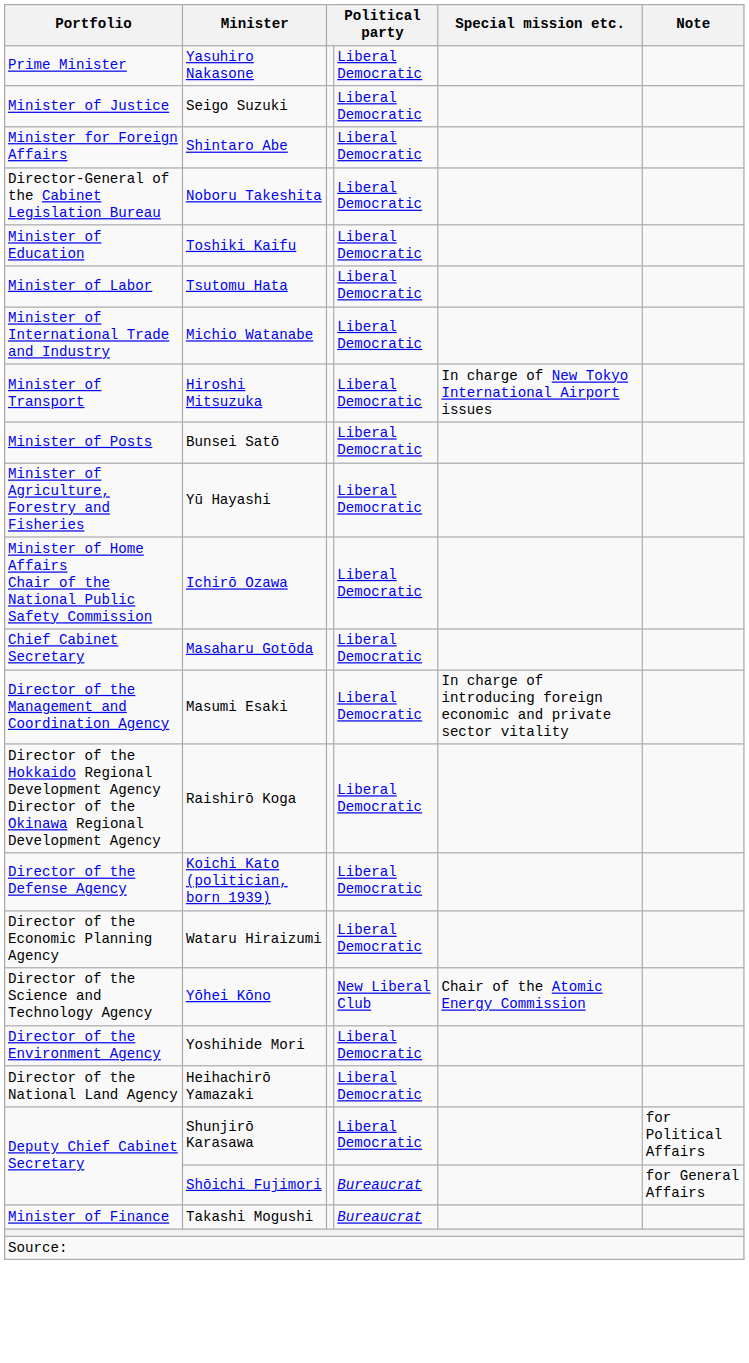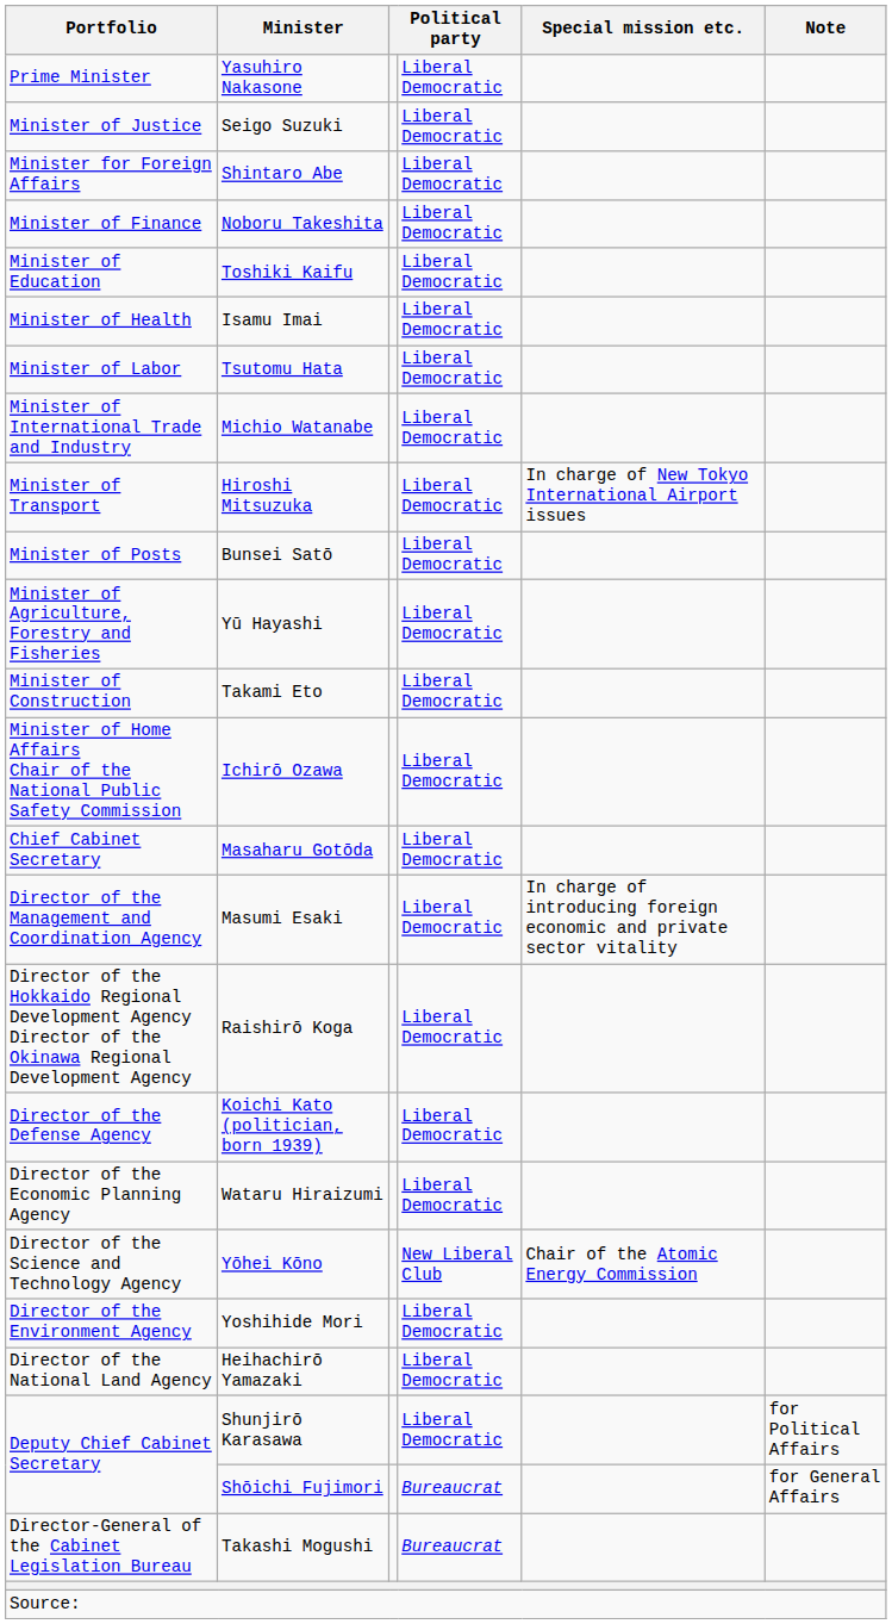 <table class="wikitable unsortable" style="font-size: 90%;">
 <tr>
 <th scope="col">Portfolio</th>
 <th scope="col">Minister</th>
 <th colspan=2 scope="col">Political party</th>
 <th scope="col">Special mission etc.</th>
 <th scope="col">Note</th>
 </tr>
 <tr>
 <td><a href='#'>Prime Minister</a></td>
 <td><a href='#'>Yasuhiro Nakasone</a></td>
 <td width="0.5%" style="background:"></td>
 <td><a href='#'>Liberal Democratic</a></td>
 <td></td>
 <td></td>
 </tr>
 <tr>
 <td><a href='#'>Minister of Justice</a></td>
 <td>Seigo Suzuki</td>
 <td width="0.5%" style="background:"></td>
 <td><a href='#'>Liberal Democratic</a></td>
 <td></td>
 <td></td>
 </tr>
 <tr>
 <td><a href='#'>Minister for Foreign Affairs</a></td>
 <td><a href='#'>Shintaro Abe</a></td>
 <td width="0.5%" style="background:"></td>
 <td><a href='#'>Liberal Democratic</a></td>
 <td></td>
 <td></td>
 </tr>
 <tr>
-<td>Director-General of the <a href='#'>Cabinet Legislation Bureau</a></td>
+<td><a href='#'>Minister of Finance</a></td>
 <td><a href='#'>Noboru Takeshita</a></td>
 <td width="0.5%" style="background:"></td>
 <td><a href='#'>Liberal Democratic</a></td>
 <td></td>
 <td></td>
 </tr>
 <tr>
 <td><a href='#'>Minister of Education</a></td>
 <td><a href='#'>Toshiki Kaifu</a></td>
+<td width="0.5%" style="background:"></td>
+<td><a href='#'>Liberal Democratic</a></td>
+<td></td>
+<td></td>
+</tr>
+<tr>
+<td><a href='#'>Minister of Health</a></td>
+<td>Isamu Imai</td>
 <td width="0.5%" style="background:"></td>
 <td><a href='#'>Liberal Democratic</a></td>
 <td></td>
 <td></td>
 </tr>
 <tr>
 <td><a href='#'>Minister of Labor</a></td>
 <td><a href='#'>Tsutomu Hata</a></td>
 <td width="0.5%" style="background:"></td>
 <td><a href='#'>Liberal Democratic</a></td>
 <td></td>
 <td></td>
 </tr>
 <tr>
 <td><a href='#'>Minister of International Trade and Industry</a></td>
 <td><a href='#'>Michio Watanabe</a></td>
 <td width="0.5%" style="background:"></td>
 <td><a href='#'>Liberal Democratic</a></td>
 <td></td>
 <td></td>
 </tr>
 <tr>
 <td><a href='#'>Minister of Transport</a></td>
 <td><a href='#'>Hiroshi Mitsuzuka</a></td>
 <td width="0.5%" style="background:"></td>
 <td><a href='#'>Liberal Democratic</a></td>
 <td>In charge of <a href='#'>New Tokyo International Airport</a> issues</td>
 <td></td>
 </tr>
 <tr>
 <td><a href='#'>Minister of Posts</a></td>
 <td>Bunsei Satō</td>
 <td width="0.5%" style="background:"></td>
 <td><a href='#'>Liberal Democratic</a></td>
 <td></td>
 <td></td>
 </tr>
 <tr>
 <td><a href='#'>Minister of Agriculture, Forestry and Fisheries</a></td>
 <td>Yū Hayashi</td>
+<td width="0.5%" style="background:"></td>
+<td><a href='#'>Liberal Democratic</a></td>
+<td></td>
+<td></td>
+</tr>
+<tr>
+<td><a href='#'>Minister of Construction</a></td>
+<td>Takami Eto</td>
 <td width="0.5%" style="background:"></td>
 <td><a href='#'>Liberal Democratic</a></td>
 <td></td>
 <td></td>
 </tr>
 <tr>
 <td><a href='#'>Minister of Home Affairs</a><br><a href='#'>Chair of the National Public Safety Commission</a></td>
 <td><a href='#'>Ichirō Ozawa</a></td>
 <td width="0.5%" style="background:"></td>
 <td><a href='#'>Liberal Democratic</a></td>
 <td></td>
 <td></td>
 </tr>
 <tr>
 <td><a href='#'>Chief Cabinet Secretary</a></td>
 <td><a href='#'>Masaharu Gotōda</a></td>
 <td width="0.5%" style="background:"></td>
 <td><a href='#'>Liberal Democratic</a></td>
 <td></td>
 <td></td>
 </tr>
 <tr>
 <td><a href='#'>Director of the Management and Coordination Agency</a></td>
 <td>Masumi Esaki</td>
 <td width="0.5%" style="background:"></td>
 <td><a href='#'>Liberal Democratic</a></td>
 <td>In charge of introducing foreign economic and private sector vitality</td>
 <td></td>
 </tr>
 <tr>
 <td>Director of the <a href='#'>Hokkaido</a> Regional Development Agency<br>Director of the <a href='#'>Okinawa</a> Regional Development Agency</td>
 <td>Raishirō Koga</td>
 <td width="0.5%" style="background:"></td>
 <td><a href='#'>Liberal Democratic</a></td>
 <td></td>
 <td></td>
 </tr>
 <tr>
 <td><a href='#'>Director of the Defense Agency</a></td>
 <td><a href='#'>Koichi Kato (politician, born 1939)</a></td>
 <td width="0.5%" style="background:"></td>
 <td><a href='#'>Liberal Democratic</a></td>
 <td></td>
 <td></td>
 </tr>
 <tr>
 <td>Director of the Economic Planning Agency</td>
 <td>Wataru Hiraizumi</td>
 <td width="0.5%" style="background:"></td>
 <td><a href='#'>Liberal Democratic</a></td>
 <td></td>
 <td></td>
 </tr>
 <tr>
 <td>Director of the Science and Technology Agency</td>
 <td><a href='#'>Yōhei Kōno</a></td>
 <td width="0.5%" style="background:"></td>
 <td><a href='#'>New Liberal Club</a></td>
 <td>Chair of the <a href='#'>Atomic Energy Commission</a></td>
 <td></td>
 </tr>
 <tr>
 <td><a href='#'>Director of the Environment Agency</a></td>
 <td>Yoshihide Mori</td>
 <td width="0.5%" style="background:"></td>
 <td><a href='#'>Liberal Democratic</a></td>
 <td></td>
 <td></td>
 </tr>
 <tr>
 <td>Director of the National Land Agency</td>
 <td>Heihachirō Yamazaki</td>
 <td width="0.5%" style="background:"></td>
 <td><a href='#'>Liberal Democratic</a></td>
 <td></td>
 <td></td>
 </tr>
 <tr>
 <td rowspan=2><a href='#'>Deputy Chief Cabinet Secretary</a></td>
 <td>Shunjirō Karasawa</td>
 <td width="0.5%" style="background:"></td>
 <td><a href='#'>Liberal Democratic</a></td>
 <td></td>
 <td>for Political Affairs</td>
 </tr>
 <tr>
 <td><a href='#'>Shōichi Fujimori</a></td>
 <td width="0.5%" style="background:"></td>
 <td><em><a href='#'>Bureaucrat</a></em></td>
 <td></td>
 <td>for General Affairs</td>
 </tr>
 <tr>
-<td><a href='#'>Minister of Finance</a></td>
+<td>Director-General of the <a href='#'>Cabinet Legislation Bureau</a></td>
 <td>Takashi Mogushi</td>
 <td width="0.5%" style="background:"></td>
 <td><em><a href='#'>Bureaucrat</a></em></td>
 <td></td>
 <td></td>
 </tr>
 <tr>
 <th colspan="6"></th>
 </tr>
 <tr>
 <td colspan="6">Source:</td>
 </tr>
 </table>
